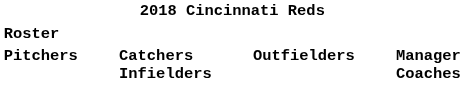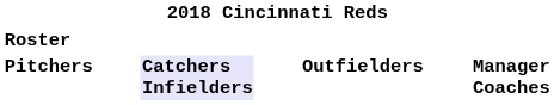 <table class="toccolours" style="font-size: 95%;">
 <tr>
 <th colspan="10">2018 Cincinnati Reds</th>
 </tr>
 <tr>
 <td colspan="10"><strong>Roster</strong></td>
 </tr>
 <tr>
 <td valign="top"><strong>Pitchers</strong><br>                           </td>
 <td width="25px"></td>
-<td valign="top"><strong>Catchers</strong><br>     <strong>Infielders</strong>          </td>
+<td valign="top" style="background: lavender;"><strong>Catchers</strong><br>     <strong>Infielders</strong>          </td>
 <td width="25px"></td>
 <td valign="top"><strong>Outfielders</strong><br>         </td>
 <td width="25px"></td>
 <td valign="top"><strong>Manager</strong><br>  <strong>Coaches</strong>                           </td>
 </tr>
 </table>
